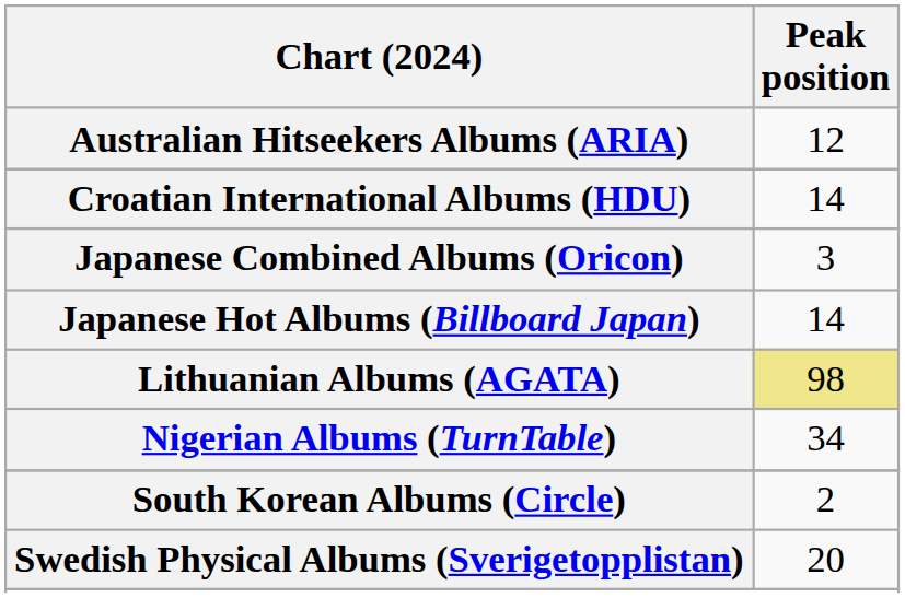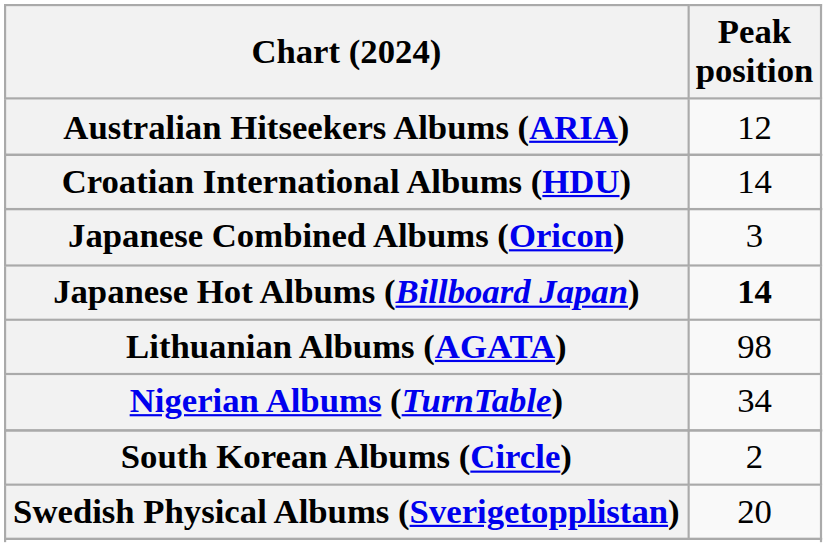 <table class="wikitable plainrowheaders sortable" style="text-align:center">
 <tr>
 <th scope="col">Chart (2024)</th>
 <th scope="col">Peak<br>position</th>
 </tr>
 <tr>
 <th scope="row">Australian Hitseekers Albums (<a href='#'>ARIA</a>)</th>
 <td>12</td>
 </tr>
 <tr>
 </tr>
 <tr>
 </tr>
 <tr>
 </tr>
 <tr>
 <th scope="row">Croatian International Albums (<a href='#'>HDU</a>)</th>
 <td>14</td>
 </tr>
 <tr>
 </tr>
 <tr>
 </tr>
 <tr>
 </tr>
 <tr>
 <th scope="row">Japanese Combined Albums (<a href='#'>Oricon</a>)</th>
 <td>3</td>
 </tr>
 <tr>
 <th scope="row">Japanese Hot Albums (<em><a href='#'>Billboard Japan</a></em>)</th>
-<td>14</td>
+<td><strong>14</strong></td>
 </tr>
 <tr>
 <th scope="row">Lithuanian Albums (<a href='#'>AGATA</a>)</th>
-<td style="background: khaki;">98</td>
+<td>98</td>
 </tr>
 <tr>
 <th scope="row"><a href='#'>Nigerian Albums</a> (<em><a href='#'>TurnTable</a></em>)</th>
 <td>34</td>
 </tr>
 <tr>
 </tr>
 <tr>
 <th scope="row">South Korean Albums (<a href='#'>Circle</a>)</th>
 <td>2</td>
 </tr>
 <tr>
 <th scope="row">Swedish Physical Albums (<a href='#'>Sverigetopplistan</a>)</th>
 <td>20</td>
 </tr>
 <tr>
 </tr>
 <tr>
 </tr>
 <tr>
 </tr>
 <tr>
 </tr>
 </table>
